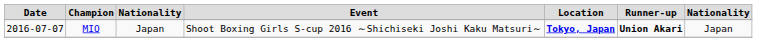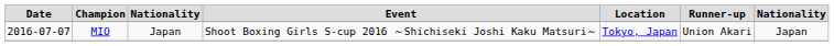 <table class="wikitable" style="text-align:center">
 <tr bgcolor="#dddddd">
 <td><strong>Date</strong></td>
 <td><strong>Champion</strong></td>
 <td><strong>Nationality</strong></td>
 <td><strong>Event</strong></td>
 <td><strong>Location</strong></td>
 <td><strong>Runner-up</strong></td>
 <td><strong>Nationality</strong></td>
 </tr>
 <tr>
 </tr>
 <tr>
 <td>2016-07-07</td>
 <td><a href='#'>MIO</a></td>
 <td> Japan</td>
 <td>Shoot Boxing Girls S-cup 2016 ～Shichiseki Joshi Kaku Matsuri～</td>
-<td><strong><a href='#'>Tokyo, Japan</a></strong></td>
-<td><strong>Union Akari</strong></td>
+<td><a href='#'>Tokyo, Japan</a></td>
+<td>Union Akari</td>
 <td> Japan</td>
 </tr>
 <tr>
 </tr>
 </table>
